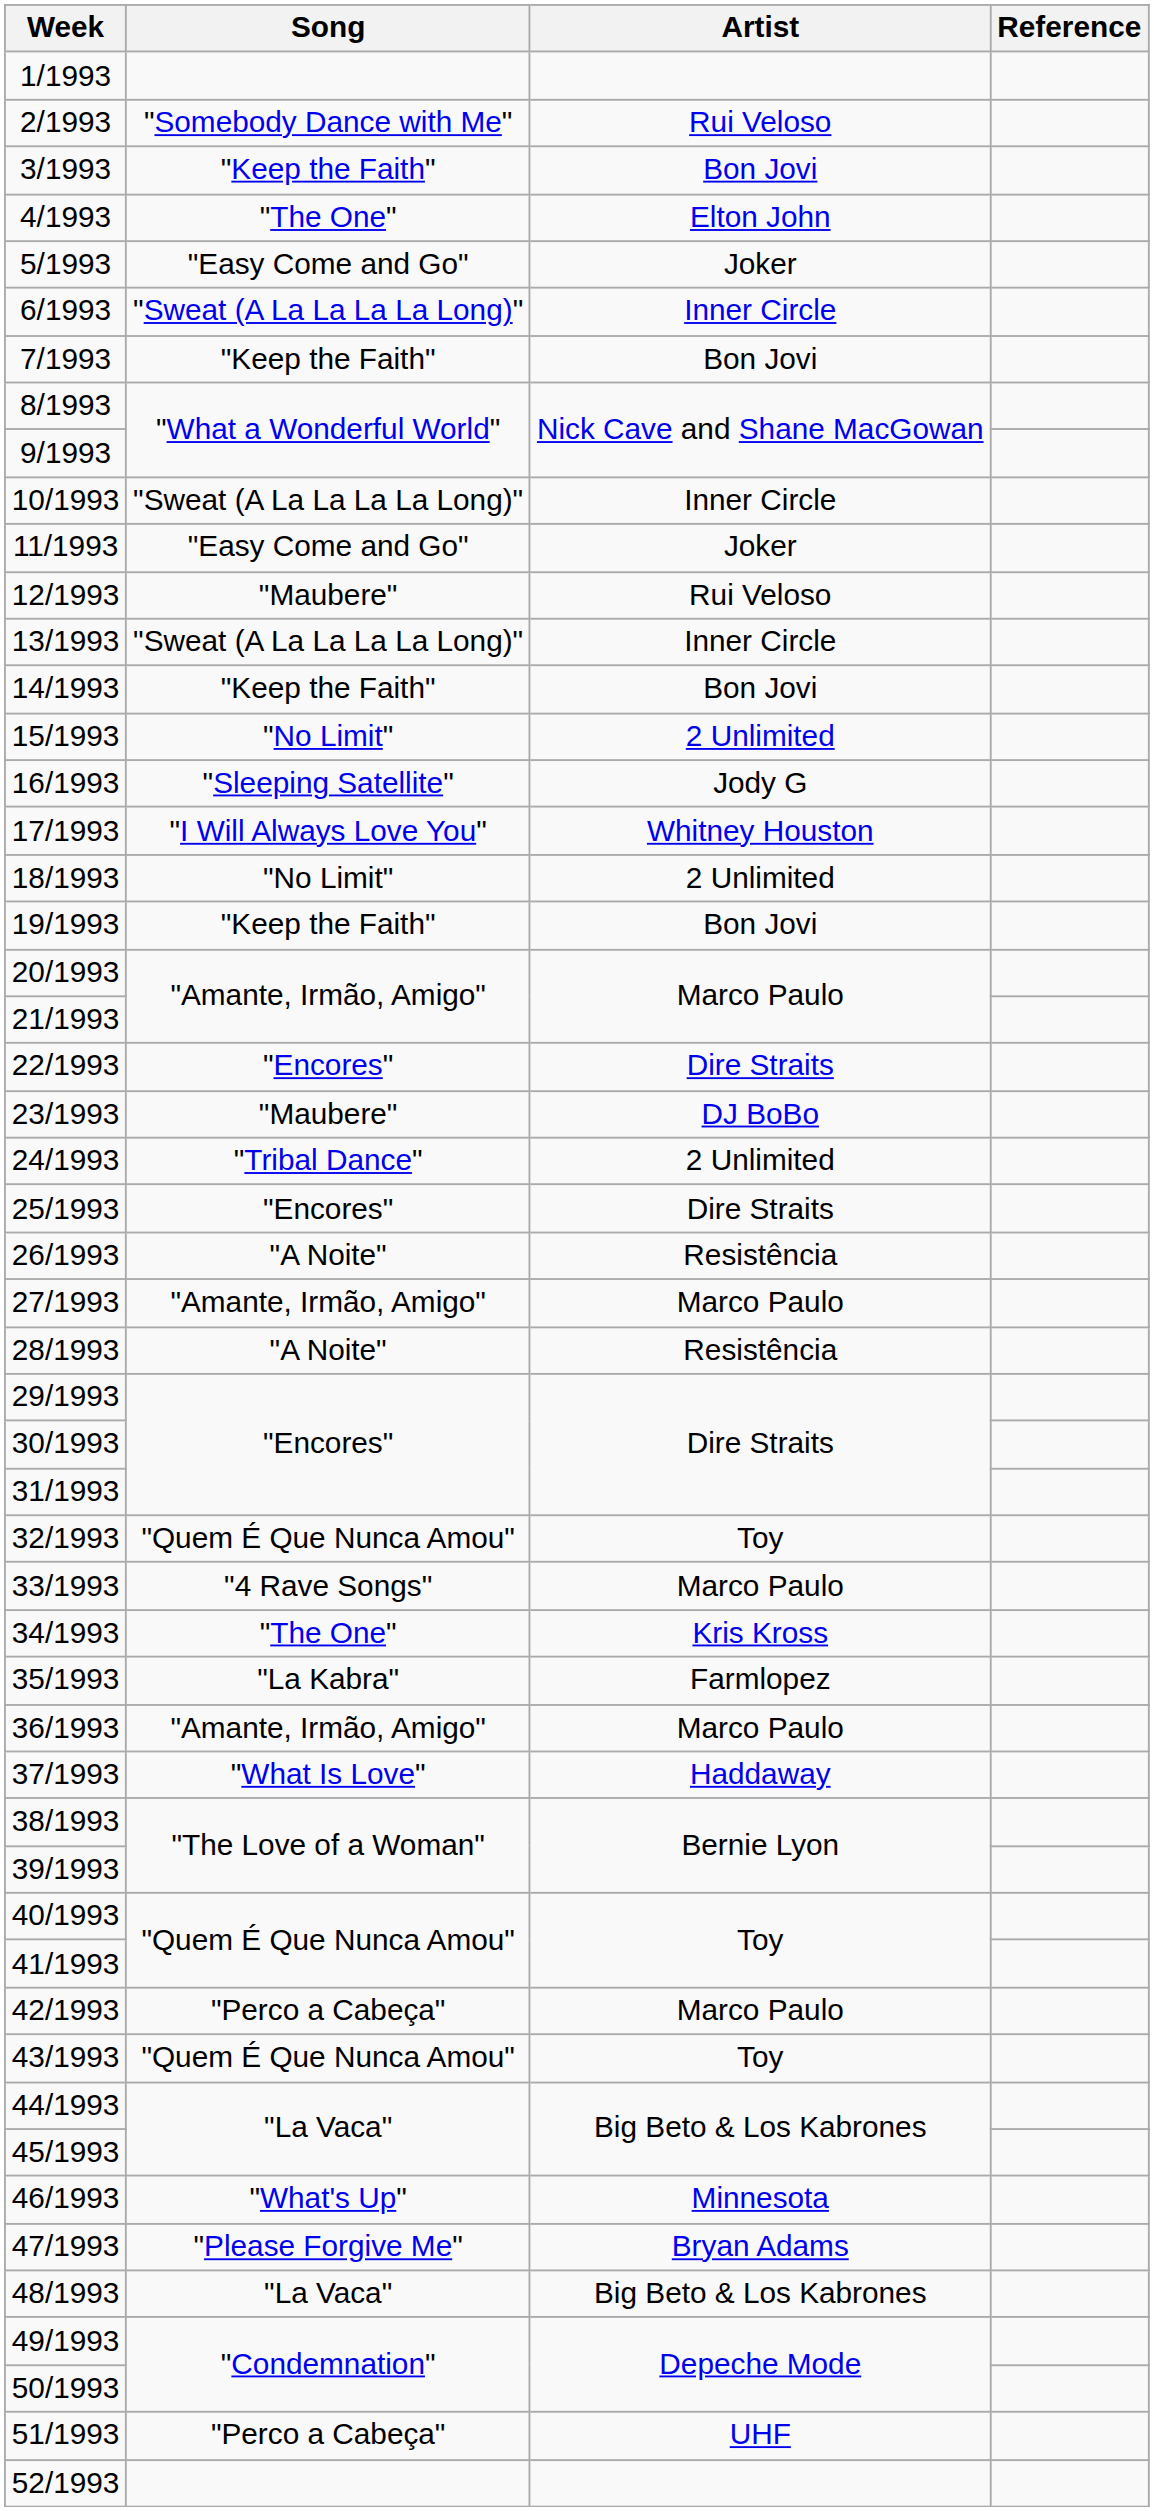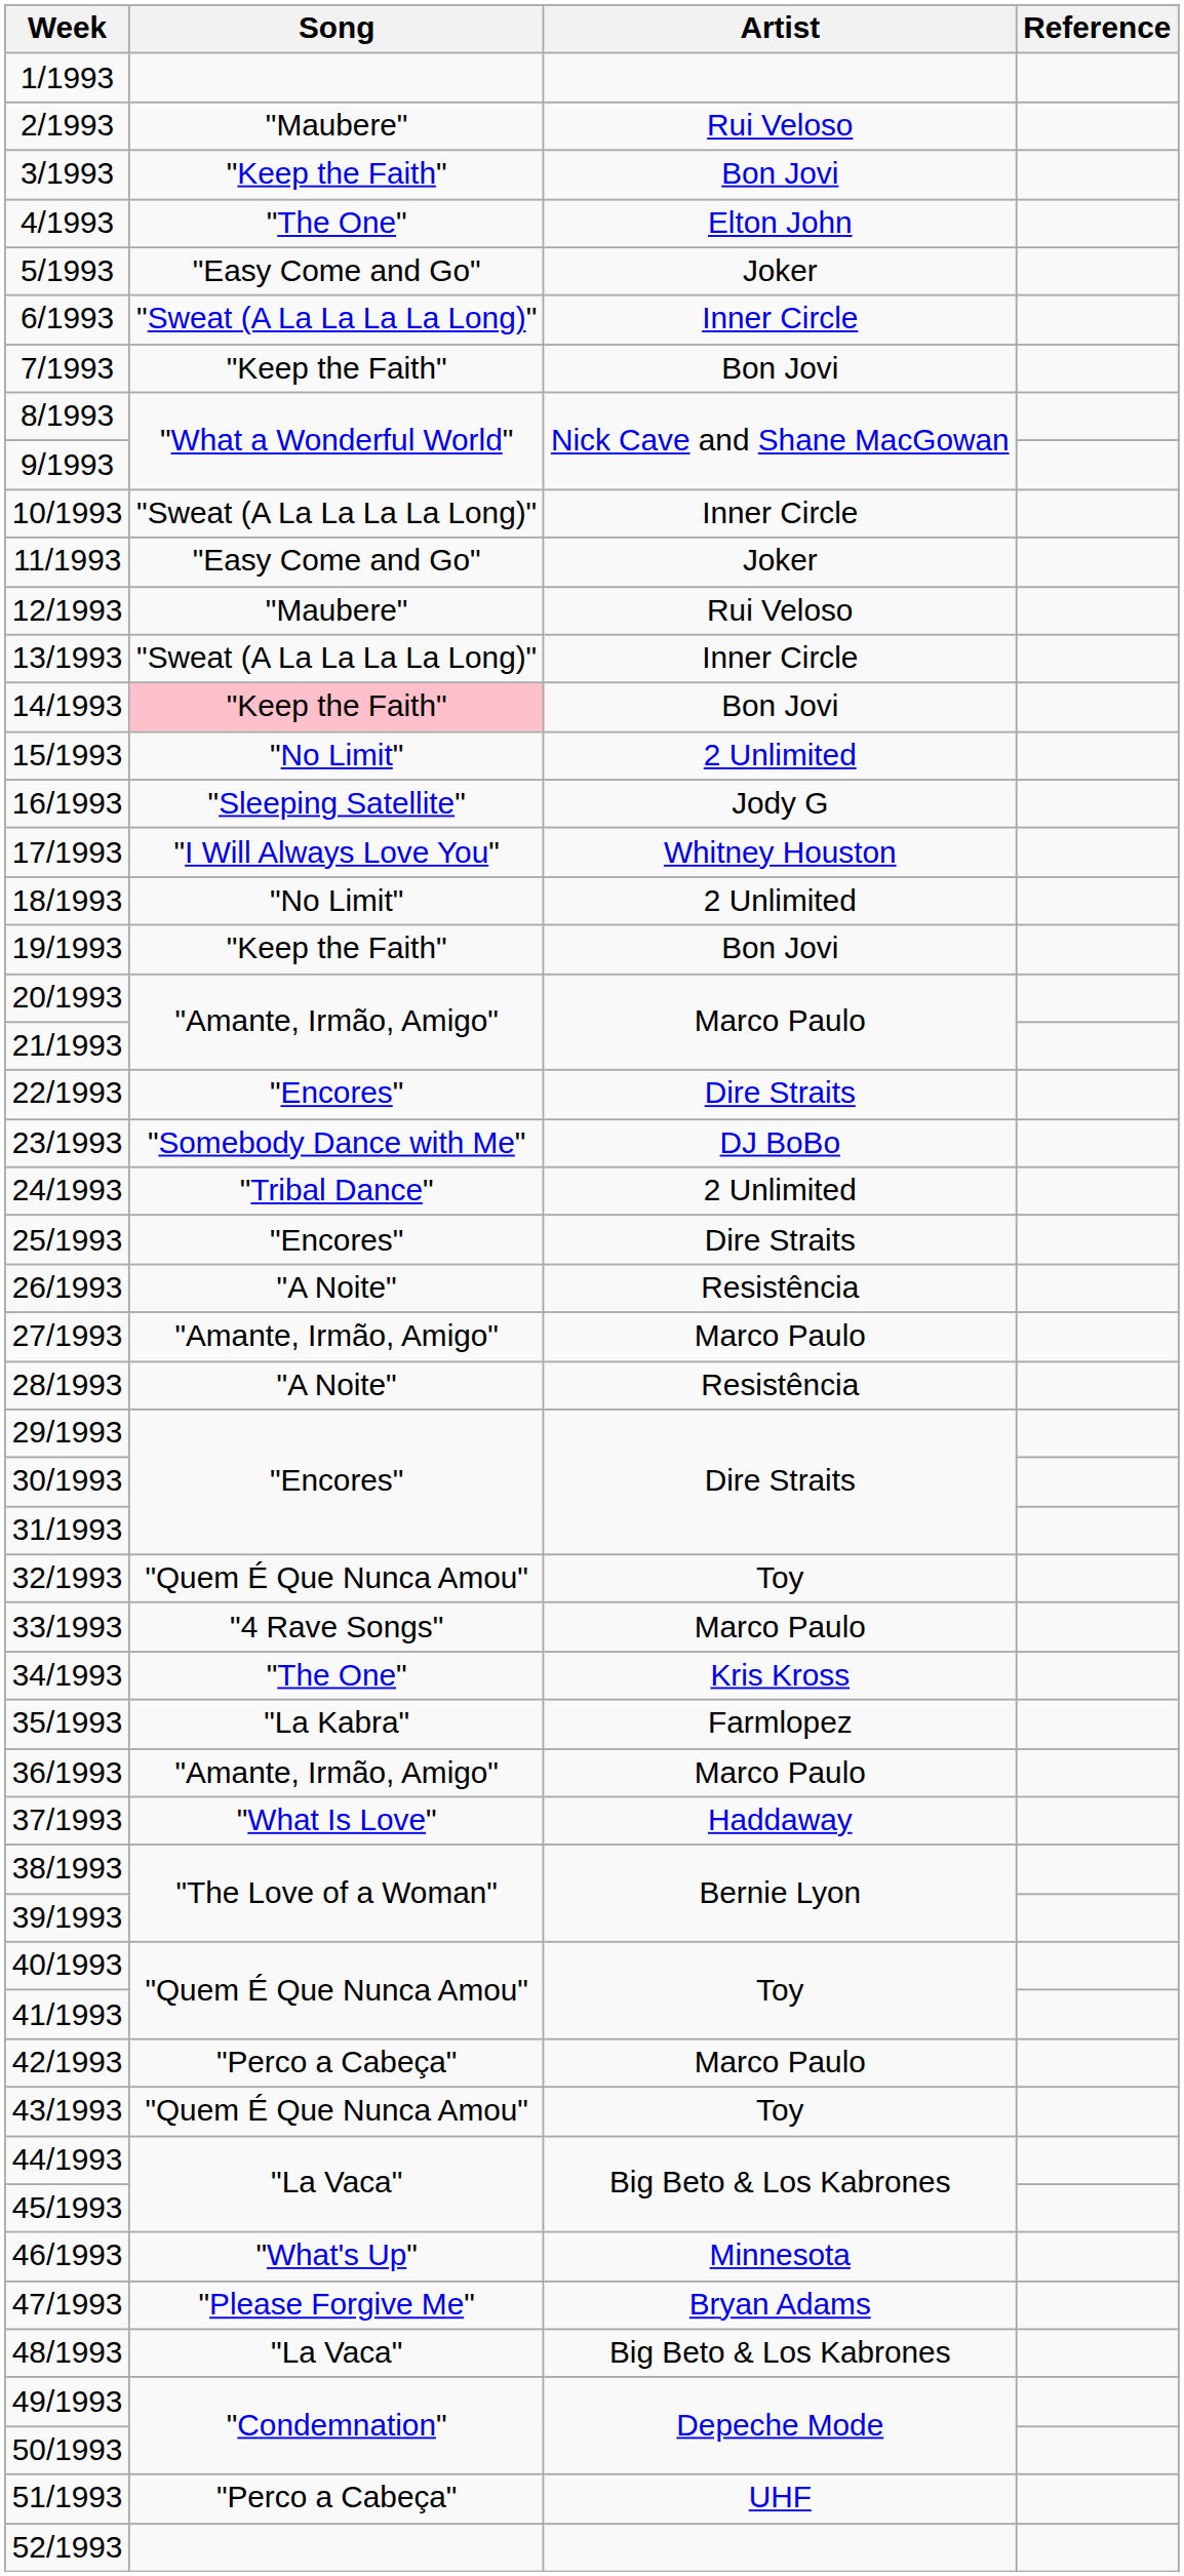 <table class="wikitable" style="text-align:center">
 <tr>
 <th>Week</th>
 <th>Song</th>
 <th>Artist</th>
 <th>Reference</th>
 </tr>
 <tr>
 <td>1/1993</td>
 <td></td>
 <td></td>
 <td></td>
 </tr>
 <tr>
 <td>2/1993</td>
-<td>"<a href='#'>Somebody Dance with Me</a>"</td>
+<td>"Maubere"</td>
 <td><a href='#'>Rui Veloso</a></td>
 <td></td>
 </tr>
 <tr>
 <td>3/1993</td>
 <td>"<a href='#'>Keep the Faith</a>"</td>
 <td><a href='#'>Bon Jovi</a></td>
 <td></td>
 </tr>
 <tr>
 <td>4/1993</td>
 <td>"<a href='#'>The One</a>"</td>
 <td><a href='#'>Elton John</a></td>
 <td></td>
 </tr>
 <tr>
 <td>5/1993</td>
 <td>"Easy Come and Go"</td>
 <td>Joker</td>
 <td></td>
 </tr>
 <tr>
 <td>6/1993</td>
 <td>"<a href='#'>Sweat (A La La La La Long)</a>"</td>
 <td><a href='#'>Inner Circle</a></td>
 <td></td>
 </tr>
 <tr>
 <td>7/1993</td>
 <td>"Keep the Faith"</td>
 <td>Bon Jovi</td>
 <td></td>
 </tr>
 <tr>
 <td>8/1993</td>
 <td rowspan="2">"<a href='#'>What a Wonderful World</a>"</td>
 <td rowspan="2"><a href='#'>Nick Cave</a> and <a href='#'>Shane MacGowan</a></td>
 <td></td>
 </tr>
 <tr>
 <td>9/1993</td>
 <td></td>
 </tr>
 <tr>
 <td>10/1993</td>
 <td>"Sweat (A La La La La Long)"</td>
 <td>Inner Circle</td>
 <td></td>
 </tr>
 <tr>
 <td>11/1993</td>
 <td>"Easy Come and Go"</td>
 <td>Joker</td>
 <td></td>
 </tr>
 <tr>
 <td>12/1993</td>
 <td>"Maubere"</td>
 <td>Rui Veloso</td>
 <td></td>
 </tr>
 <tr>
 <td>13/1993</td>
 <td>"Sweat (A La La La La Long)"</td>
 <td>Inner Circle</td>
 <td></td>
 </tr>
 <tr>
 <td>14/1993</td>
-<td>"Keep the Faith"</td>
+<td style="background: pink;">"Keep the Faith"</td>
 <td>Bon Jovi</td>
 <td></td>
 </tr>
 <tr>
 <td>15/1993</td>
 <td>"<a href='#'>No Limit</a>"</td>
 <td><a href='#'>2 Unlimited</a></td>
 <td></td>
 </tr>
 <tr>
 <td>16/1993</td>
 <td>"<a href='#'>Sleeping Satellite</a>"</td>
 <td>Jody G</td>
 <td></td>
 </tr>
 <tr>
 <td>17/1993</td>
 <td>"<a href='#'>I Will Always Love You</a>"</td>
 <td><a href='#'>Whitney Houston</a></td>
 <td></td>
 </tr>
 <tr>
 <td>18/1993</td>
 <td>"No Limit"</td>
 <td>2 Unlimited</td>
 <td></td>
 </tr>
 <tr>
 <td>19/1993</td>
 <td>"Keep the Faith"</td>
 <td>Bon Jovi</td>
 <td></td>
 </tr>
 <tr>
 <td>20/1993</td>
 <td rowspan="2">"Amante, Irmão, Amigo"</td>
 <td rowspan="2">Marco Paulo</td>
 <td></td>
 </tr>
 <tr>
 <td>21/1993</td>
 <td></td>
 </tr>
 <tr>
 <td>22/1993</td>
 <td>"<a href='#'>Encores</a>"</td>
 <td><a href='#'>Dire Straits</a></td>
 <td></td>
 </tr>
 <tr>
 <td>23/1993</td>
-<td>"Maubere"</td>
+<td>"<a href='#'>Somebody Dance with Me</a>"</td>
 <td><a href='#'>DJ BoBo</a></td>
 <td></td>
 </tr>
 <tr>
 <td>24/1993</td>
 <td>"<a href='#'>Tribal Dance</a>"</td>
 <td>2 Unlimited</td>
 <td></td>
 </tr>
 <tr>
 <td>25/1993</td>
 <td>"Encores"</td>
 <td>Dire Straits</td>
 <td></td>
 </tr>
 <tr>
 <td>26/1993</td>
 <td>"A Noite"</td>
 <td>Resistência</td>
 <td></td>
 </tr>
 <tr>
 <td>27/1993</td>
 <td>"Amante, Irmão, Amigo"</td>
 <td>Marco Paulo</td>
 <td></td>
 </tr>
 <tr>
 <td>28/1993</td>
 <td>"A Noite"</td>
 <td>Resistência</td>
 <td></td>
 </tr>
 <tr>
 <td>29/1993</td>
 <td rowspan="3">"Encores"</td>
 <td rowspan="3">Dire Straits</td>
 <td></td>
 </tr>
 <tr>
 <td>30/1993</td>
 <td></td>
 </tr>
 <tr>
 <td>31/1993</td>
 <td></td>
 </tr>
 <tr>
 <td>32/1993</td>
 <td>"Quem É Que Nunca Amou"</td>
 <td>Toy</td>
 <td></td>
 </tr>
 <tr>
 <td>33/1993</td>
 <td>"4 Rave Songs"</td>
 <td>Marco Paulo</td>
 <td></td>
 </tr>
 <tr>
 <td>34/1993</td>
 <td>"<a href='#'>The One</a>"</td>
 <td><a href='#'>Kris Kross</a></td>
 <td></td>
 </tr>
 <tr>
 <td>35/1993</td>
 <td>"La Kabra"</td>
 <td>Farmlopez</td>
 <td></td>
 </tr>
 <tr>
 <td>36/1993</td>
 <td>"Amante, Irmão, Amigo"</td>
 <td>Marco Paulo</td>
 <td></td>
 </tr>
 <tr>
 <td>37/1993</td>
 <td>"<a href='#'>What Is Love</a>"</td>
 <td><a href='#'>Haddaway</a></td>
 <td></td>
 </tr>
 <tr>
 <td>38/1993</td>
 <td rowspan="2">"The Love of a Woman"</td>
 <td rowspan="2">Bernie Lyon</td>
 <td></td>
 </tr>
 <tr>
 <td>39/1993</td>
 <td></td>
 </tr>
 <tr>
 <td>40/1993</td>
 <td rowspan="2">"Quem É Que Nunca Amou"</td>
 <td rowspan="2">Toy</td>
 <td></td>
 </tr>
 <tr>
 <td>41/1993</td>
 <td></td>
 </tr>
 <tr>
 <td>42/1993</td>
 <td>"Perco a Cabeça"</td>
 <td>Marco Paulo</td>
 <td></td>
 </tr>
 <tr>
 <td>43/1993</td>
 <td>"Quem É Que Nunca Amou"</td>
 <td>Toy</td>
 <td></td>
 </tr>
 <tr>
 <td>44/1993</td>
 <td rowspan="2">"La Vaca"</td>
 <td rowspan="2">Big Beto & Los Kabrones</td>
 <td></td>
 </tr>
 <tr>
 <td>45/1993</td>
 <td></td>
 </tr>
 <tr>
 <td>46/1993</td>
 <td>"<a href='#'>What's Up</a>"</td>
 <td><a href='#'>Minnesota</a></td>
 <td></td>
 </tr>
 <tr>
 <td>47/1993</td>
 <td>"<a href='#'>Please Forgive Me</a>"</td>
 <td><a href='#'>Bryan Adams</a></td>
 <td></td>
 </tr>
 <tr>
 <td>48/1993</td>
 <td>"La Vaca"</td>
 <td>Big Beto & Los Kabrones</td>
 <td></td>
 </tr>
 <tr>
 <td>49/1993</td>
 <td rowspan="2">"<a href='#'>Condemnation</a>"</td>
 <td rowspan="2"><a href='#'>Depeche Mode</a></td>
 <td></td>
 </tr>
 <tr>
 <td>50/1993</td>
 <td></td>
 </tr>
 <tr>
 <td>51/1993</td>
 <td>"Perco a Cabeça"</td>
 <td><a href='#'>UHF</a></td>
 <td></td>
 </tr>
 <tr>
 <td>52/1993</td>
 <td></td>
 <td></td>
 <td></td>
 </tr>
 </table>
